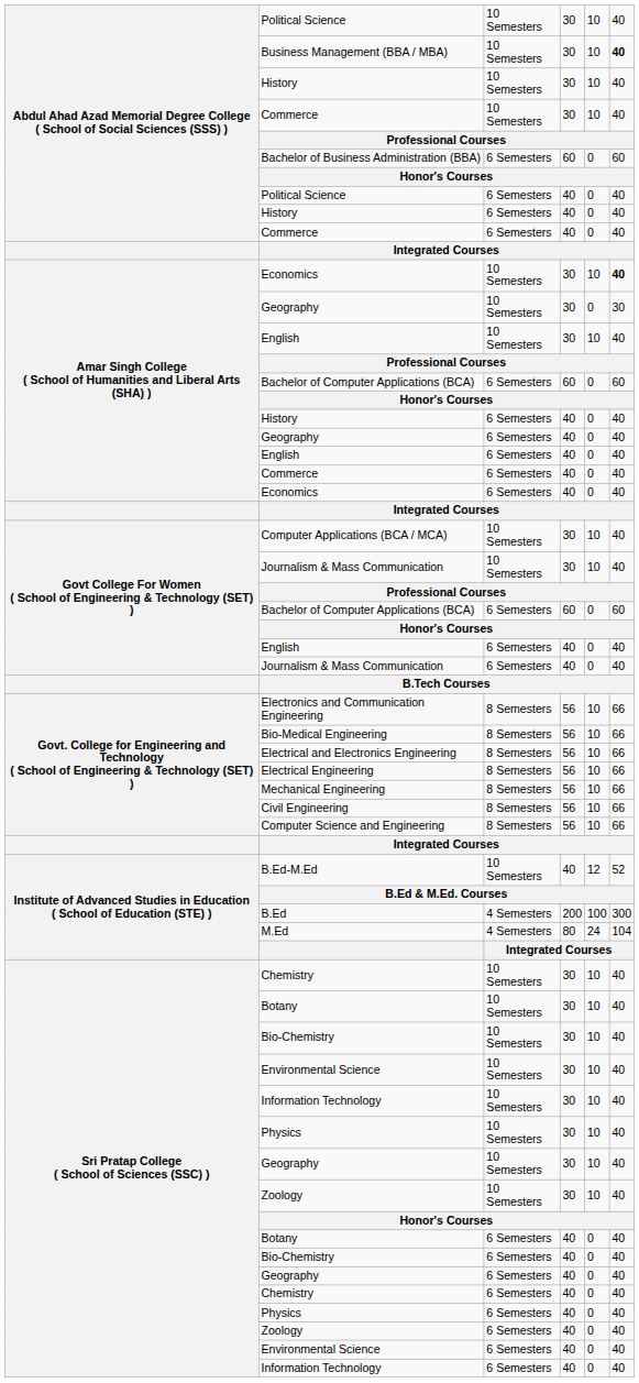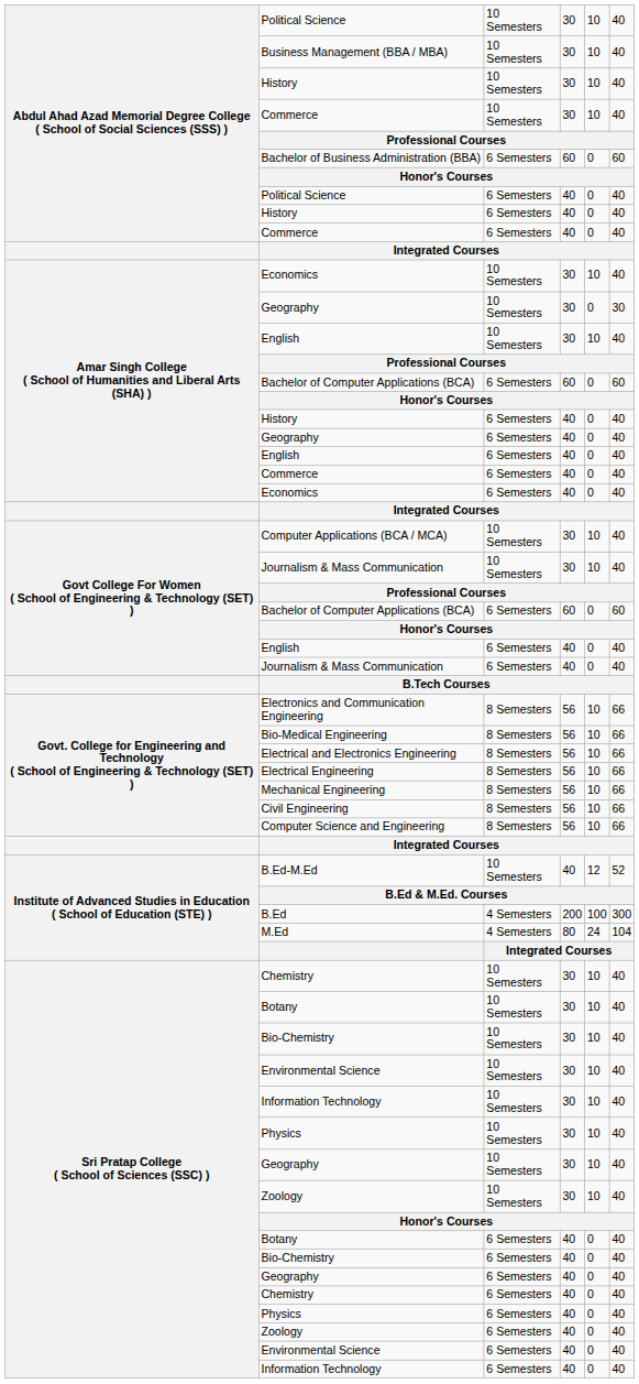 <table class="wikitable">
 <tr>
 <th rowspan="10">Abdul Ahad Azad Memorial Degree College<br>( School of Social Sciences (SSS) )</th>
 <td>Political Science</td>
 <td>10 Semesters</td>
 <td>30</td>
 <td>10</td>
 <td>40</td>
 </tr>
 <tr>
 <td>Business Management (BBA / MBA)</td>
 <td>10 Semesters</td>
 <td>30</td>
 <td>10</td>
-<td><strong>40</strong></td>
+<td>40</td>
 </tr>
 <tr>
 <td>History</td>
 <td>10 Semesters</td>
 <td>30</td>
 <td>10</td>
 <td>40</td>
 </tr>
 <tr>
 <td>Commerce</td>
 <td>10 Semesters</td>
 <td>30</td>
 <td>10</td>
 <td>40</td>
 </tr>
 <tr>
 <th colspan="5">Professional Courses</th>
 </tr>
 <tr>
 <td>Bachelor of Business Administration (BBA)</td>
 <td>6 Semesters</td>
 <td>60</td>
 <td>0</td>
 <td>60</td>
 </tr>
 <tr>
 <th colspan="5">Honor's Courses</th>
 </tr>
 <tr>
 <td>Political Science</td>
 <td>6 Semesters</td>
 <td>40</td>
 <td>0</td>
 <td>40</td>
 </tr>
 <tr>
 <td>History</td>
 <td>6 Semesters</td>
 <td>40</td>
 <td>0</td>
 <td>40</td>
 </tr>
 <tr>
 <td>Commerce</td>
 <td>6 Semesters</td>
 <td>40</td>
 <td>0</td>
 <td>40</td>
 </tr>
 <tr>
 <th></th>
 <th colspan="5">Integrated Courses</th>
 </tr>
 <tr>
 <th rowspan="11">Amar Singh College<br>( School of Humanities and Liberal Arts (SHA) )</th>
 <td>Economics</td>
 <td>10 Semesters</td>
 <td>30</td>
 <td>10</td>
-<td><strong>40</strong></td>
+<td>40</td>
 </tr>
 <tr>
 <td>Geography</td>
 <td>10 Semesters</td>
 <td>30</td>
 <td>0</td>
 <td>30</td>
 </tr>
 <tr>
 <td>English</td>
 <td>10 Semesters</td>
 <td>30</td>
 <td>10</td>
 <td>40</td>
 </tr>
 <tr>
 <th colspan="5">Professional Courses</th>
 </tr>
 <tr>
 <td>Bachelor of Computer Applications (BCA)</td>
 <td>6 Semesters</td>
 <td>60</td>
 <td>0</td>
 <td>60</td>
 </tr>
 <tr>
 <th colspan="5">Honor's Courses</th>
 </tr>
 <tr>
 <td>History</td>
 <td>6 Semesters</td>
 <td>40</td>
 <td>0</td>
 <td>40</td>
 </tr>
 <tr>
 <td>Geography</td>
 <td>6 Semesters</td>
 <td>40</td>
 <td>0</td>
 <td>40</td>
 </tr>
 <tr>
 <td>English</td>
 <td>6 Semesters</td>
 <td>40</td>
 <td>0</td>
 <td>40</td>
 </tr>
 <tr>
 <td>Commerce</td>
 <td>6 Semesters</td>
 <td>40</td>
 <td>0</td>
 <td>40</td>
 </tr>
 <tr>
 <td>Economics</td>
 <td>6 Semesters</td>
 <td>40</td>
 <td>0</td>
 <td>40</td>
 </tr>
 <tr>
 <th></th>
 <th colspan="5">Integrated Courses</th>
 </tr>
 <tr>
 <th rowspan="7">Govt College For Women<br>( School of Engineering & Technology (SET) )</th>
 <td>Computer Applications (BCA / MCA)</td>
 <td>10 Semesters</td>
 <td>30</td>
 <td>10</td>
 <td>40</td>
 </tr>
 <tr>
 <td>Journalism & Mass Communication</td>
 <td>10 Semesters</td>
 <td>30</td>
 <td>10</td>
 <td>40</td>
 </tr>
 <tr>
 <th colspan="5">Professional Courses</th>
 </tr>
 <tr>
 <td>Bachelor of Computer Applications (BCA)</td>
 <td>6 Semesters</td>
 <td>60</td>
 <td>0</td>
 <td>60</td>
 </tr>
 <tr>
 <th colspan="5">Honor's Courses</th>
 </tr>
 <tr>
 <td>English</td>
 <td>6 Semesters</td>
 <td>40</td>
 <td>0</td>
 <td>40</td>
 </tr>
 <tr>
 <td>Journalism & Mass Communication</td>
 <td>6 Semesters</td>
 <td>40</td>
 <td>0</td>
 <td>40</td>
 </tr>
 <tr>
 <th></th>
 <th colspan="5">B.Tech Courses</th>
 </tr>
 <tr>
 <th rowspan="7">Govt. College for Engineering and Technology<br>( School of Engineering & Technology (SET) )</th>
 <td>Electronics and Communication Engineering</td>
 <td>8 Semesters</td>
 <td>56</td>
 <td>10</td>
 <td>66</td>
 </tr>
 <tr>
 <td>Bio-Medical Engineering</td>
 <td>8 Semesters</td>
 <td>56</td>
 <td>10</td>
 <td>66</td>
 </tr>
 <tr>
 <td>Electrical and Electronics Engineering</td>
 <td>8 Semesters</td>
 <td>56</td>
 <td>10</td>
 <td>66</td>
 </tr>
 <tr>
 <td>Electrical Engineering</td>
 <td>8 Semesters</td>
 <td>56</td>
 <td>10</td>
 <td>66</td>
 </tr>
 <tr>
 <td>Mechanical Engineering</td>
 <td>8 Semesters</td>
 <td>56</td>
 <td>10</td>
 <td>66</td>
 </tr>
 <tr>
 <td>Civil Engineering</td>
 <td>8 Semesters</td>
 <td>56</td>
 <td>10</td>
 <td>66</td>
 </tr>
 <tr>
 <td>Computer Science and Engineering</td>
 <td>8 Semesters</td>
 <td>56</td>
 <td>10</td>
 <td>66</td>
 </tr>
 <tr>
 <th></th>
 <th colspan="5">Integrated Courses</th>
 </tr>
 <tr>
 <th rowspan="5">Institute of Advanced Studies in Education<br>( School of Education (STE) )</th>
 <td>B.Ed-M.Ed</td>
 <td>10 Semesters</td>
 <td>40</td>
 <td>12</td>
 <td>52</td>
 </tr>
 <tr>
 <th colspan="5">B.Ed & M.Ed. Courses</th>
 </tr>
 <tr>
 <td>B.Ed</td>
 <td>4 Semesters</td>
 <td>200</td>
 <td>100</td>
 <td>300</td>
 </tr>
 <tr>
 <td>M.Ed</td>
 <td>4 Semesters</td>
 <td>80</td>
 <td>24</td>
 <td>104</td>
 </tr>
 <tr>
 <th></th>
 <th colspan="5">Integrated Courses</th>
 </tr>
 <tr>
 <th rowspan="17">Sri Pratap College<br>( School of Sciences (SSC) )</th>
 <td>Chemistry</td>
 <td>10 Semesters</td>
 <td>30</td>
 <td>10</td>
 <td>40</td>
 </tr>
 <tr>
 <td>Botany</td>
 <td>10 Semesters</td>
 <td>30</td>
 <td>10</td>
 <td>40</td>
 </tr>
 <tr>
 <td>Bio-Chemistry</td>
 <td>10 Semesters</td>
 <td>30</td>
 <td>10</td>
 <td>40</td>
 </tr>
 <tr>
 <td>Environmental Science</td>
 <td>10 Semesters</td>
 <td>30</td>
 <td>10</td>
 <td>40</td>
 </tr>
 <tr>
 <td>Information Technology</td>
 <td>10 Semesters</td>
 <td>30</td>
 <td>10</td>
 <td>40</td>
 </tr>
 <tr>
 <td>Physics</td>
 <td>10 Semesters</td>
 <td>30</td>
 <td>10</td>
 <td>40</td>
 </tr>
 <tr>
 <td>Geography</td>
 <td>10 Semesters</td>
 <td>30</td>
 <td>10</td>
 <td>40</td>
 </tr>
 <tr>
 <td>Zoology</td>
 <td>10 Semesters</td>
 <td>30</td>
 <td>10</td>
 <td>40</td>
 </tr>
 <tr>
 <th colspan="5">Honor's Courses</th>
 </tr>
 <tr>
 <td>Botany</td>
 <td>6 Semesters</td>
 <td>40</td>
 <td>0</td>
 <td>40</td>
 </tr>
 <tr>
 <td>Bio-Chemistry</td>
 <td>6 Semesters</td>
 <td>40</td>
 <td>0</td>
 <td>40</td>
 </tr>
 <tr>
 <td>Geography</td>
 <td>6 Semesters</td>
 <td>40</td>
 <td>0</td>
 <td>40</td>
 </tr>
 <tr>
 <td>Chemistry</td>
 <td>6 Semesters</td>
 <td>40</td>
 <td>0</td>
 <td>40</td>
 </tr>
 <tr>
 <td>Physics</td>
 <td>6 Semesters</td>
 <td>40</td>
 <td>0</td>
 <td>40</td>
 </tr>
 <tr>
 <td>Zoology</td>
 <td>6 Semesters</td>
 <td>40</td>
 <td>0</td>
 <td>40</td>
 </tr>
 <tr>
 <td>Environmental Science</td>
 <td>6 Semesters</td>
 <td>40</td>
 <td>0</td>
 <td>40</td>
 </tr>
 <tr>
 <td>Information Technology</td>
 <td>6 Semesters</td>
 <td>40</td>
 <td>0</td>
 <td>40</td>
 </tr>
 </table>
